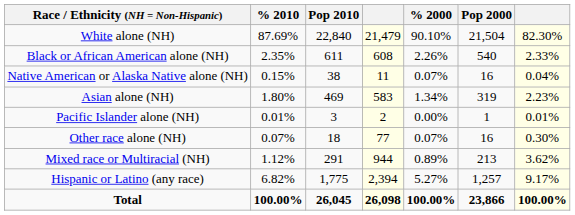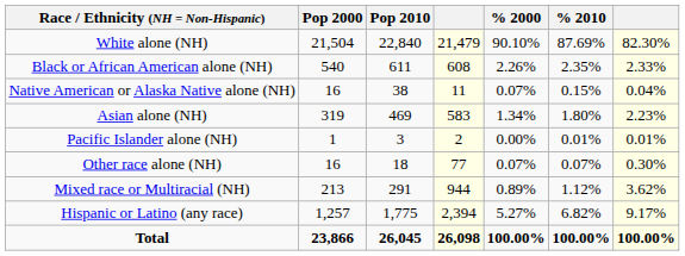 <table class="wikitable" style="text-align:center;">
 <tr>
 <th>Race / Ethnicity <small>(<em>NH = Non-Hispanic</em>)</small></th>
-<th>% 2010</th>
+<th>Pop 2000</th>
 <th>Pop 2010</th>
 <th></th>
 <th>% 2000</th>
-<th>Pop 2000</th>
+<th>% 2010</th>
 <th></th>
 </tr>
 <tr>
 <td><a href='#'>White</a> alone (NH)</td>
-<td>87.69%</td>
+<td>21,504</td>
 <td>22,840</td>
 <td style='background: #ffffe6;'>21,479</td>
 <td>90.10%</td>
-<td>21,504</td>
+<td>87.69%</td>
 <td style='background: #ffffe6;'>82.30%</td>
 </tr>
 <tr>
 <td><a href='#'>Black or African American</a> alone (NH)</td>
-<td>2.35%</td>
+<td>540</td>
 <td>611</td>
 <td style='background: #ffffe6;'>608</td>
 <td>2.26%</td>
-<td>540</td>
+<td>2.35%</td>
 <td style='background: #ffffe6;'>2.33%</td>
 </tr>
 <tr>
 <td><a href='#'>Native American</a> or <a href='#'>Alaska Native</a> alone (NH)</td>
-<td>0.15%</td>
+<td>16</td>
 <td>38</td>
 <td style='background: #ffffe6;'>11</td>
 <td>0.07%</td>
-<td>16</td>
+<td>0.15%</td>
 <td style='background: #ffffe6;'>0.04%</td>
 </tr>
 <tr>
 <td><a href='#'>Asian</a> alone (NH)</td>
-<td>1.80%</td>
+<td>319</td>
 <td>469</td>
 <td style='background: #ffffe6;'>583</td>
 <td>1.34%</td>
-<td>319</td>
+<td>1.80%</td>
 <td style='background: #ffffe6;'>2.23%</td>
 </tr>
 <tr>
 <td><a href='#'>Pacific Islander</a> alone (NH)</td>
-<td>0.01%</td>
+<td>1</td>
 <td>3</td>
 <td style='background: #ffffe6;'>2</td>
 <td>0.00%</td>
-<td>1</td>
+<td>0.01%</td>
 <td style='background: #ffffe6;'>0.01%</td>
 </tr>
 <tr>
 <td><a href='#'>Other race</a> alone (NH)</td>
-<td>0.07%</td>
+<td>16</td>
 <td>18</td>
 <td style='background: #ffffe6;'>77</td>
 <td>0.07%</td>
-<td>16</td>
+<td>0.07%</td>
 <td style='background: #ffffe6;'>0.30%</td>
 </tr>
 <tr>
 <td><a href='#'>Mixed race or Multiracial</a> (NH)</td>
-<td>1.12%</td>
+<td>213</td>
 <td>291</td>
 <td style='background: #ffffe6;'>944</td>
 <td>0.89%</td>
-<td>213</td>
+<td>1.12%</td>
 <td style='background: #ffffe6;'>3.62%</td>
 </tr>
 <tr>
 <td><a href='#'>Hispanic or Latino</a> (any race)</td>
-<td>6.82%</td>
+<td>1,257</td>
 <td>1,775</td>
 <td style='background: #ffffe6;'>2,394</td>
 <td>5.27%</td>
-<td>1,257</td>
+<td>6.82%</td>
 <td style='background: #ffffe6;'>9.17%</td>
 </tr>
 <tr>
 <td><strong>Total</strong></td>
-<td><strong>100.00%</strong></td>
+<td><strong>23,866</strong></td>
 <td><strong>26,045</strong></td>
 <td style='background: #ffffe6;'><strong>26,098</strong></td>
 <td><strong>100.00%</strong></td>
-<td><strong>23,866</strong></td>
+<td><strong>100.00%</strong></td>
 <td style='background: #ffffe6;'><strong>100.00%</strong></td>
 </tr>
 </table>
